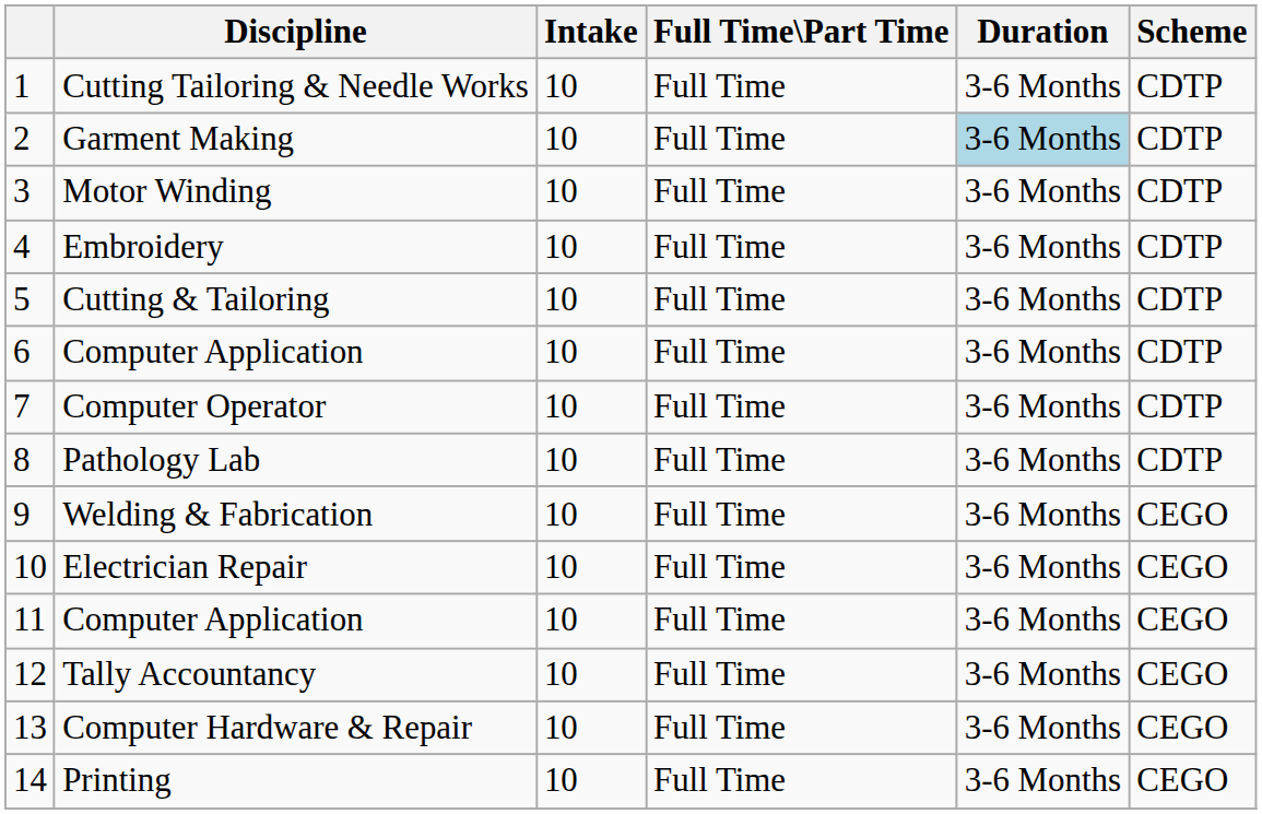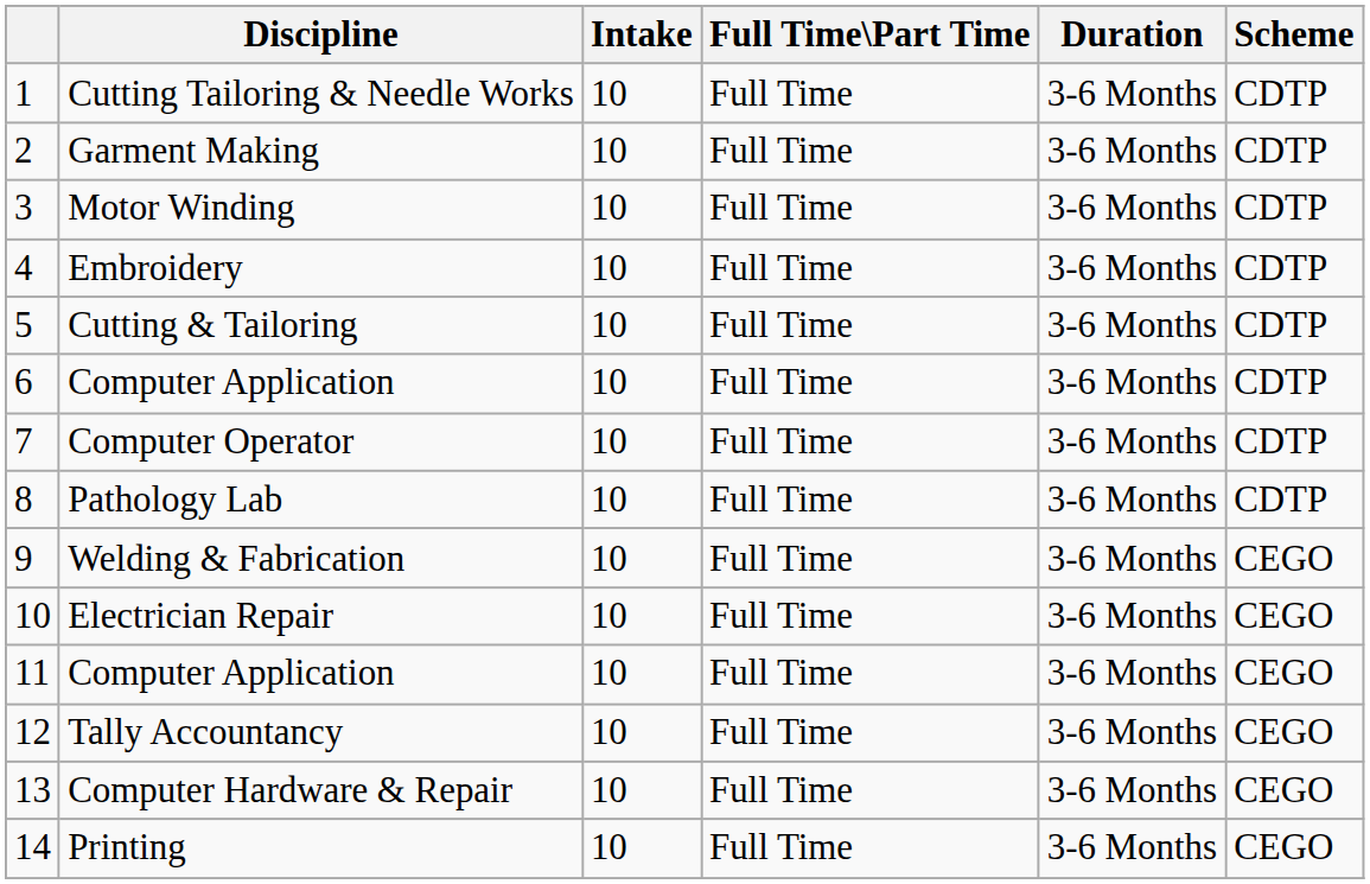 <table class="wikitable">
 <tr>
 <th></th>
 <th>Discipline</th>
 <th>Intake</th>
 <th>Full Time\Part Time</th>
 <th>Duration</th>
 <th>Scheme</th>
 </tr>
 <tr>
 <td>1</td>
 <td>Cutting Tailoring & Needle Works</td>
 <td>10</td>
 <td>Full Time</td>
 <td>3-6 Months</td>
 <td>CDTP</td>
 </tr>
 <tr>
 <td>2</td>
 <td>Garment Making</td>
 <td>10</td>
 <td>Full Time</td>
-<td style="background: lightblue;">3-6 Months</td>
+<td>3-6 Months</td>
 <td>CDTP</td>
 </tr>
 <tr>
 <td>3</td>
 <td>Motor Winding</td>
 <td>10</td>
 <td>Full Time</td>
 <td>3-6 Months</td>
 <td>CDTP</td>
 </tr>
 <tr>
 <td>4</td>
 <td>Embroidery</td>
 <td>10</td>
 <td>Full Time</td>
 <td>3-6 Months</td>
 <td>CDTP</td>
 </tr>
 <tr>
 <td>5</td>
 <td>Cutting & Tailoring</td>
 <td>10</td>
 <td>Full Time</td>
 <td>3-6 Months</td>
 <td>CDTP</td>
 </tr>
 <tr>
 <td>6</td>
 <td>Computer Application</td>
 <td>10</td>
 <td>Full Time</td>
 <td>3-6 Months</td>
 <td>CDTP</td>
 </tr>
 <tr>
 <td>7</td>
 <td>Computer Operator</td>
 <td>10</td>
 <td>Full Time</td>
 <td>3-6 Months</td>
 <td>CDTP</td>
 </tr>
 <tr>
 <td>8</td>
 <td>Pathology Lab</td>
 <td>10</td>
 <td>Full Time</td>
 <td>3-6 Months</td>
 <td>CDTP</td>
 </tr>
 <tr>
 <td>9</td>
 <td>Welding & Fabrication</td>
 <td>10</td>
 <td>Full Time</td>
 <td>3-6 Months</td>
 <td>CEGO</td>
 </tr>
 <tr>
 <td>10</td>
 <td>Electrician Repair</td>
 <td>10</td>
 <td>Full Time</td>
 <td>3-6 Months</td>
 <td>CEGO</td>
 </tr>
 <tr>
 <td>11</td>
 <td>Computer Application</td>
 <td>10</td>
 <td>Full Time</td>
 <td>3-6 Months</td>
 <td>CEGO</td>
 </tr>
 <tr>
 <td>12</td>
 <td>Tally  Accountancy</td>
 <td>10</td>
 <td>Full Time</td>
 <td>3-6 Months</td>
 <td>CEGO</td>
 </tr>
 <tr>
 <td>13</td>
 <td>Computer Hardware & Repair</td>
 <td>10</td>
 <td>Full Time</td>
 <td>3-6 Months</td>
 <td>CEGO</td>
 </tr>
 <tr>
 <td>14</td>
 <td>Printing</td>
 <td>10</td>
 <td>Full Time</td>
 <td>3-6 Months</td>
 <td>CEGO</td>
 </tr>
 <tr>
 </tr>
 </table>
